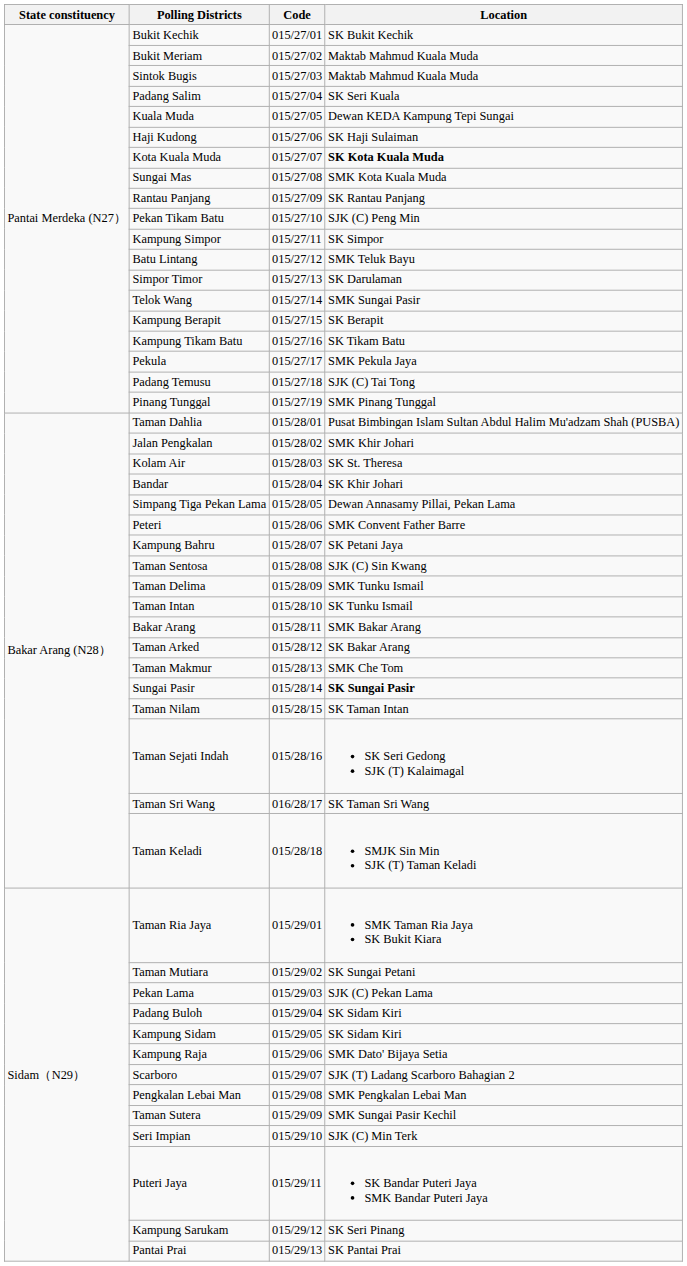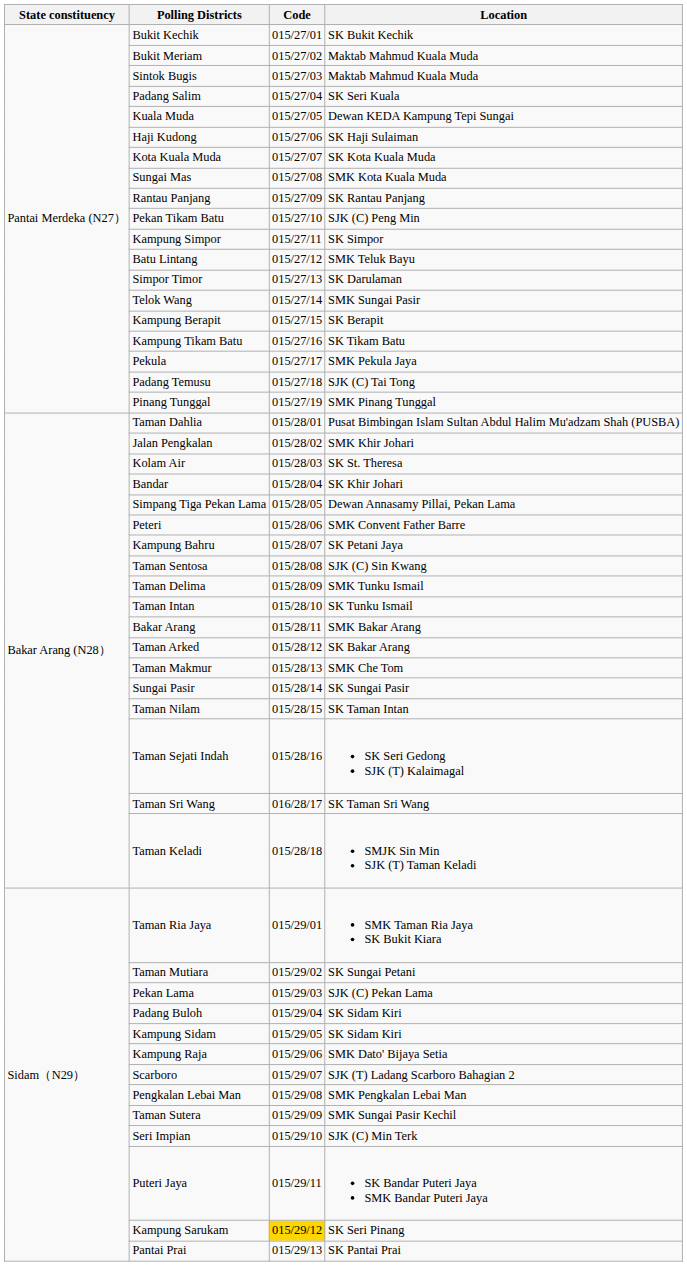 <table class="wikitable sortable mw-collapsible" style="white-space:nowrap;font-size:85%">
 <tr>
 <th>State constituency</th>
 <th>Polling Districts</th>
 <th>Code</th>
 <th>Location</th>
 </tr>
 <tr>
 <td rowspan="19">Pantai Merdeka (N27）</td>
 <td>Bukit Kechik</td>
 <td>015/27/01</td>
 <td>SK Bukit Kechik</td>
 </tr>
 <tr>
 <td>Bukit Meriam</td>
 <td>015/27/02</td>
 <td>Maktab Mahmud Kuala Muda</td>
 </tr>
 <tr>
 <td>Sintok Bugis</td>
 <td>015/27/03</td>
 <td>Maktab Mahmud Kuala Muda</td>
 </tr>
 <tr>
 <td>Padang Salim</td>
 <td>015/27/04</td>
 <td>SK Seri Kuala</td>
 </tr>
 <tr>
 <td>Kuala Muda</td>
 <td>015/27/05</td>
 <td>Dewan KEDA Kampung Tepi Sungai</td>
 </tr>
 <tr>
 <td>Haji Kudong</td>
 <td>015/27/06</td>
 <td>SK Haji Sulaiman</td>
 </tr>
 <tr>
 <td>Kota Kuala Muda</td>
 <td>015/27/07</td>
-<td><strong>SK Kota Kuala Muda</strong></td>
+<td>SK Kota Kuala Muda</td>
 </tr>
 <tr>
 <td>Sungai Mas</td>
 <td>015/27/08</td>
 <td>SMK Kota Kuala Muda</td>
 </tr>
 <tr>
 <td>Rantau Panjang</td>
 <td>015/27/09</td>
 <td>SK Rantau Panjang</td>
 </tr>
 <tr>
 <td>Pekan Tikam Batu</td>
 <td>015/27/10</td>
 <td>SJK (C) Peng Min</td>
 </tr>
 <tr>
 <td>Kampung Simpor</td>
 <td>015/27/11</td>
 <td>SK Simpor</td>
 </tr>
 <tr>
 <td>Batu Lintang</td>
 <td>015/27/12</td>
 <td>SMK Teluk Bayu</td>
 </tr>
 <tr>
 <td>Simpor Timor</td>
 <td>015/27/13</td>
 <td>SK Darulaman</td>
 </tr>
 <tr>
 <td>Telok Wang</td>
 <td>015/27/14</td>
 <td>SMK Sungai Pasir</td>
 </tr>
 <tr>
 <td>Kampung Berapit</td>
 <td>015/27/15</td>
 <td>SK Berapit</td>
 </tr>
 <tr>
 <td>Kampung Tikam Batu</td>
 <td>015/27/16</td>
 <td>SK Tikam Batu</td>
 </tr>
 <tr>
 <td>Pekula</td>
 <td>015/27/17</td>
 <td>SMK Pekula Jaya</td>
 </tr>
 <tr>
 <td>Padang Temusu</td>
 <td>015/27/18</td>
 <td>SJK (C) Tai Tong</td>
 </tr>
 <tr>
 <td>Pinang Tunggal</td>
 <td>015/27/19</td>
 <td>SMK Pinang Tunggal</td>
 </tr>
 <tr>
 <td rowspan="18">Bakar Arang (N28）</td>
 <td>Taman Dahlia</td>
 <td>015/28/01</td>
 <td>Pusat Bimbingan Islam Sultan Abdul Halim Mu'adzam Shah (PUSBA)</td>
 </tr>
 <tr>
 <td>Jalan Pengkalan</td>
 <td>015/28/02</td>
 <td>SMK Khir Johari</td>
 </tr>
 <tr>
 <td>Kolam Air</td>
 <td>015/28/03</td>
 <td>SK St. Theresa</td>
 </tr>
 <tr>
 <td>Bandar</td>
 <td>015/28/04</td>
 <td>SK Khir Johari</td>
 </tr>
 <tr>
 <td>Simpang Tiga Pekan Lama</td>
 <td>015/28/05</td>
 <td>Dewan Annasamy Pillai, Pekan Lama</td>
 </tr>
 <tr>
 <td>Peteri</td>
 <td>015/28/06</td>
 <td>SMK Convent Father Barre</td>
 </tr>
 <tr>
 <td>Kampung Bahru</td>
 <td>015/28/07</td>
 <td>SK Petani Jaya</td>
 </tr>
 <tr>
 <td>Taman Sentosa</td>
 <td>015/28/08</td>
 <td>SJK (C) Sin Kwang</td>
 </tr>
 <tr>
 <td>Taman Delima</td>
 <td>015/28/09</td>
 <td>SMK Tunku Ismail</td>
 </tr>
 <tr>
 <td>Taman Intan</td>
 <td>015/28/10</td>
 <td>SK Tunku Ismail</td>
 </tr>
 <tr>
 <td>Bakar Arang</td>
 <td>015/28/11</td>
 <td>SMK Bakar Arang</td>
 </tr>
 <tr>
 <td>Taman Arked</td>
 <td>015/28/12</td>
 <td>SK Bakar Arang</td>
 </tr>
 <tr>
 <td>Taman Makmur</td>
 <td>015/28/13</td>
 <td>SMK Che Tom</td>
 </tr>
 <tr>
 <td>Sungai Pasir</td>
 <td>015/28/14</td>
-<td><strong>SK Sungai Pasir</strong></td>
+<td>SK Sungai Pasir</td>
 </tr>
 <tr>
 <td>Taman Nilam</td>
 <td>015/28/15</td>
 <td>SK Taman Intan</td>
 </tr>
 <tr>
 <td>Taman Sejati Indah</td>
 <td>015/28/16</td>
 <td><br><ul><li>SK Seri Gedong</li><li>SJK (T) Kalaimagal</li></ul></td>
 </tr>
 <tr>
 <td>Taman Sri Wang</td>
 <td>016/28/17</td>
 <td>SK Taman Sri Wang</td>
 </tr>
 <tr>
 <td>Taman Keladi</td>
 <td>015/28/18</td>
 <td><br><ul><li>SMJK Sin Min</li><li>SJK (T) Taman Keladi</li></ul></td>
 </tr>
 <tr>
 <td rowspan="13">Sidam（N29）</td>
 <td>Taman Ria Jaya</td>
 <td>015/29/01</td>
 <td><br><ul><li>SMK Taman Ria Jaya</li><li>SK Bukit Kiara</li></ul></td>
 </tr>
 <tr>
 <td>Taman Mutiara</td>
 <td>015/29/02</td>
 <td>SK Sungai Petani</td>
 </tr>
 <tr>
 <td>Pekan Lama</td>
 <td>015/29/03</td>
 <td>SJK (C) Pekan Lama</td>
 </tr>
 <tr>
 <td>Padang Buloh</td>
 <td>015/29/04</td>
 <td>SK Sidam Kiri</td>
 </tr>
 <tr>
 <td>Kampung Sidam</td>
 <td>015/29/05</td>
 <td>SK Sidam Kiri</td>
 </tr>
 <tr>
 <td>Kampung Raja</td>
 <td>015/29/06</td>
 <td>SMK Dato' Bijaya Setia</td>
 </tr>
 <tr>
 <td>Scarboro</td>
 <td>015/29/07</td>
 <td>SJK (T) Ladang Scarboro Bahagian 2</td>
 </tr>
 <tr>
 <td>Pengkalan Lebai Man</td>
 <td>015/29/08</td>
 <td>SMK Pengkalan Lebai Man</td>
 </tr>
 <tr>
 <td>Taman Sutera</td>
 <td>015/29/09</td>
 <td>SMK Sungai Pasir Kechil</td>
 </tr>
 <tr>
 <td>Seri Impian</td>
 <td>015/29/10</td>
 <td>SJK (C) Min Terk</td>
 </tr>
 <tr>
 <td>Puteri Jaya</td>
 <td>015/29/11</td>
 <td><br><ul><li>SK Bandar Puteri Jaya</li><li>SMK Bandar Puteri Jaya</li></ul></td>
 </tr>
 <tr>
 <td>Kampung Sarukam</td>
-<td>015/29/12</td>
+<td style="background: gold;">015/29/12</td>
 <td>SK Seri Pinang</td>
 </tr>
 <tr>
 <td>Pantai Prai</td>
 <td>015/29/13</td>
 <td>SK Pantai Prai</td>
 </tr>
 </table>
